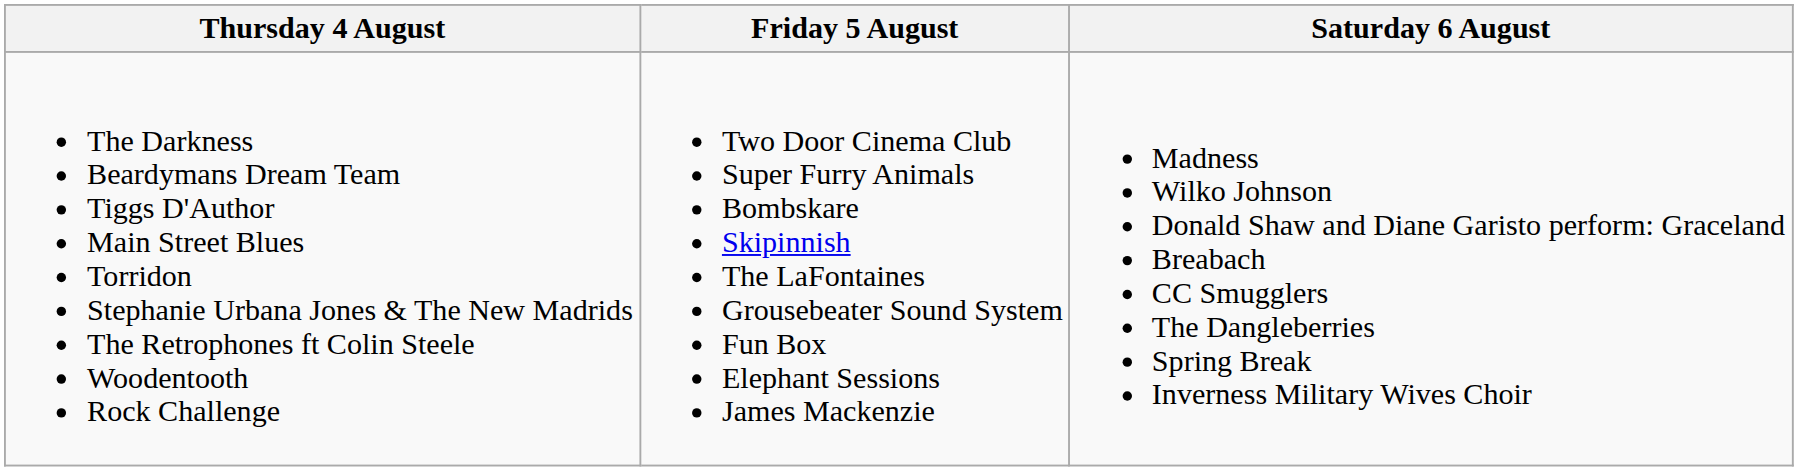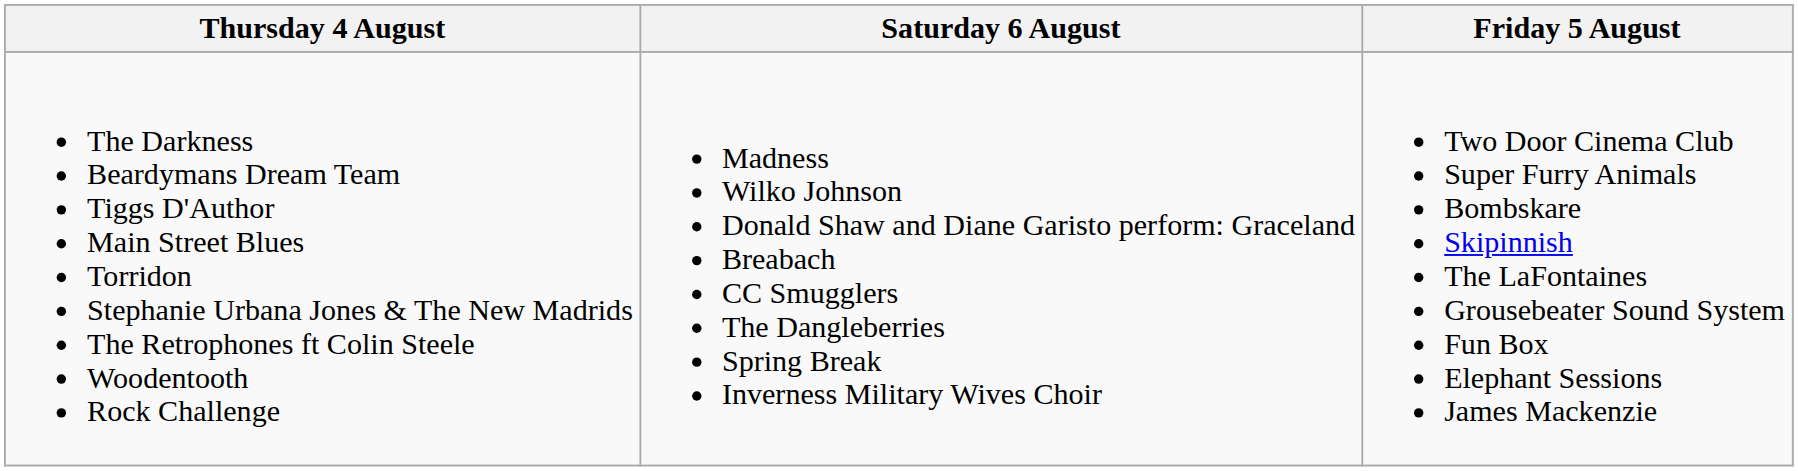 <table class="wikitable">
 <tr>
 <th>Thursday 4 August</th>
+<th>Saturday 6 August</th>
 <th>Friday 5 August</th>
-<th>Saturday 6 August</th>
 </tr>
 <tr>
 <td><br><ul><li>The Darkness</li><li>Beardymans Dream Team</li><li>Tiggs D'Author</li><li>Main Street Blues</li><li>Torridon</li><li>Stephanie Urbana Jones & The New Madrids</li><li>The Retrophones ft Colin Steele</li><li>Woodentooth</li><li>Rock Challenge</li></ul></td>
+<td><br><ul><li>Madness</li><li>Wilko Johnson</li><li>Donald Shaw and Diane Garisto perform: Graceland</li><li>Breabach</li><li>CC Smugglers</li><li>The Dangleberries</li><li>Spring Break</li><li>Inverness Military Wives Choir</li></ul></td>
 <td><br><ul><li>Two Door Cinema Club</li><li>Super Furry Animals</li><li>Bombskare</li><li><a href='#'>Skipinnish</a></li><li>The LaFontaines</li><li>Grousebeater Sound System</li><li>Fun Box</li><li>Elephant Sessions</li><li>James Mackenzie</li></ul></td>
-<td><br><ul><li>Madness</li><li>Wilko Johnson</li><li>Donald Shaw and Diane Garisto perform: Graceland</li><li>Breabach</li><li>CC Smugglers</li><li>The Dangleberries</li><li>Spring Break</li><li>Inverness Military Wives Choir</li></ul></td>
 </tr>
 </table>
